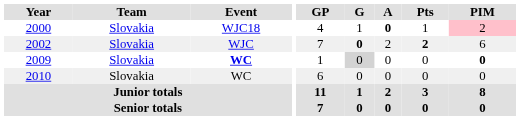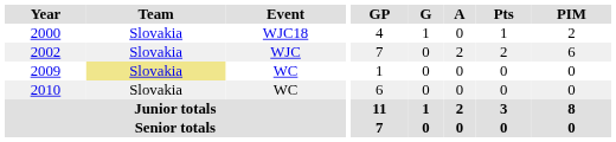 <table border="0" cellpadding="1" cellspacing="0" ID="Table3" style="text-align:center; width:40em">
 <tr ALIGN="center" bgcolor="#e0e0e0">
 <th>Year</th>
 <th>Team</th>
 <th>Event</th>
 <th rowspan="99" bgcolor="#ffffff"></th>
 <th>GP</th>
 <th>G</th>
 <th>A</th>
 <th>Pts</th>
 <th>PIM</th>
 </tr>
 <tr>
 <td><a href='#'>2000</a></td>
 <td><a href='#'>Slovakia</a></td>
 <td><a href='#'>WJC18</a></td>
 <td>4</td>
 <td>1</td>
-<td><strong>0</strong></td>
+<td>0</td>
 <td>1</td>
-<td style="background: pink;">2</td>
+<td>2</td>
 </tr>
 <tr bgcolor="#f0f0f0">
 <td><a href='#'>2002</a></td>
 <td><a href='#'>Slovakia</a></td>
 <td><a href='#'>WJC</a></td>
 <td>7</td>
-<td><strong>0</strong></td>
+<td>0</td>
 <td>2</td>
-<td><strong>2</strong></td>
+<td>2</td>
 <td>6</td>
 </tr>
 <tr>
 <td><a href='#'>2009</a></td>
-<td><a href='#'>Slovakia</a></td>
-<td><strong><a href='#'>WC</a></strong></td>
+<td style="background: khaki;"><a href='#'>Slovakia</a></td>
+<td><a href='#'>WC</a></td>
 <td>1</td>
-<td style="background: lightgrey;">0</td>
 <td>0</td>
 <td>0</td>
-<td><strong>0</strong></td>
+<td>0</td>
+<td>0</td>
 </tr>
 <tr bgcolor="#f0f0f0">
 <td><a href='#'>2010</a></td>
 <td>Slovakia</td>
 <td>WC</td>
 <td>6</td>
 <td>0</td>
 <td>0</td>
 <td>0</td>
 <td>0</td>
 </tr>
 <tr bgcolor="#e0e0e0">
 <th colspan="3">Junior totals</th>
 <th>11</th>
 <th>1</th>
 <th>2</th>
 <th>3</th>
 <th>8</th>
 </tr>
 <tr bgcolor="#e0e0e0">
 <th colspan="3">Senior totals</th>
 <th>7</th>
 <th>0</th>
 <th>0</th>
 <th>0</th>
 <th>0</th>
 </tr>
 </table>
